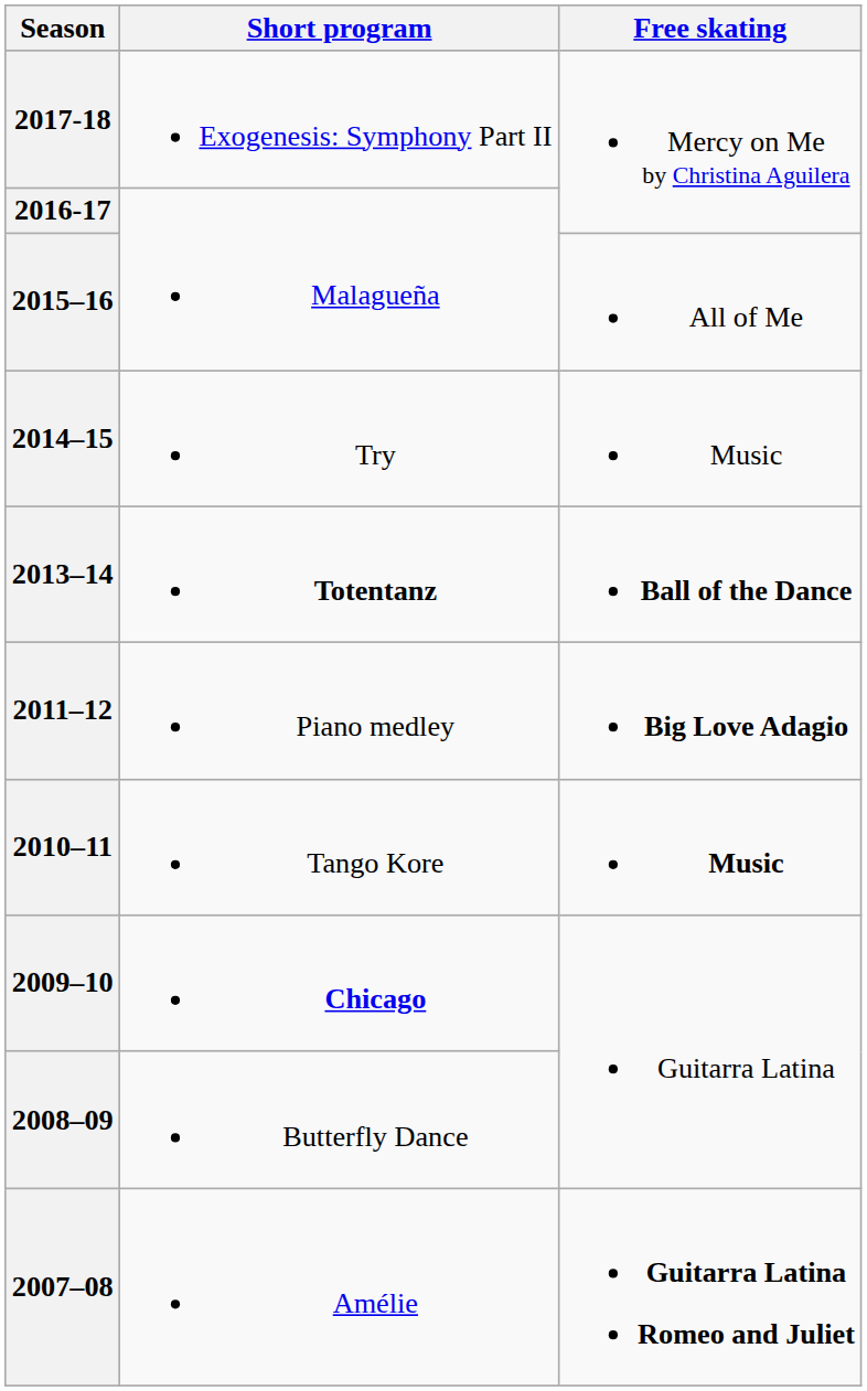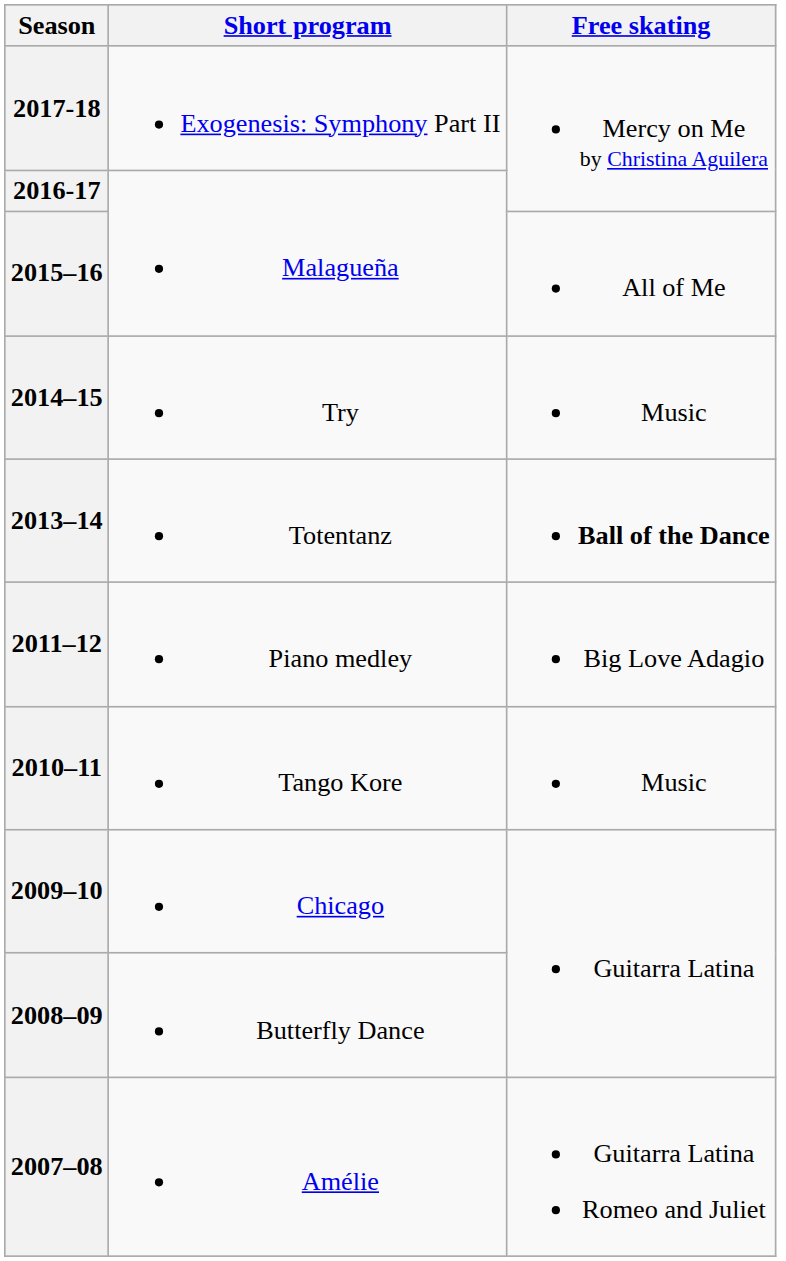 <table class=wikitable style=text-align:center>
 <tr>
 <th>Season</th>
 <th><a href='#'>Short program</a></th>
 <th><a href='#'>Free skating</a></th>
 </tr>
 <tr>
 <th>2017-18<br></th>
 <td><br><ul><li><a href='#'>Exogenesis: Symphony</a> Part II <br></li></ul></td>
 <td rowspan=2><br><ul><li>Mercy on Me<br><small>by <a href='#'>Christina Aguilera</a></small></li></ul></td>
 </tr>
 <tr>
 <th>2016-17<br></th>
 <td rowspan=2><br><ul><li><a href='#'>Malagueña</a> <br></li></ul></td>
 </tr>
 <tr>
 <th>2015–16 <br> </th>
 <td><br><ul><li>All of Me</li></ul></td>
 </tr>
 <tr>
 <th>2014–15 <br> </th>
 <td><br><ul><li>Try <br></li></ul></td>
 <td><br><ul><li>Music <br></li></ul></td>
 </tr>
 <tr>
 <th>2013–14 <br> </th>
-<td><strong><br><ul><li>Totentanz <br></li></ul></strong></td>
+<td><br><ul><li>Totentanz <br></li></ul></td>
 <td><strong><br><ul><li>Ball of the Dance</li></ul></strong></td>
 </tr>
 <tr>
 <th>2011–12 <br> </th>
 <td><br><ul><li>Piano medley</li></ul></td>
-<td><strong><br><ul><li>Big Love Adagio <br></li></ul></strong></td>
+<td><br><ul><li>Big Love Adagio <br></li></ul></td>
 </tr>
 <tr>
 <th>2010–11 <br> </th>
 <td><br><ul><li>Tango Kore</li></ul></td>
-<td><strong><br><ul><li>Music <br></li></ul></strong></td>
+<td><br><ul><li>Music <br></li></ul></td>
 </tr>
 <tr>
 <th>2009–10 <br> </th>
-<td><strong><br><ul><li><a href='#'>Chicago</a> <br></li></ul></strong></td>
+<td><br><ul><li><a href='#'>Chicago</a> <br></li></ul></td>
 <td rowspan=2><br><ul><li>Guitarra Latina <br></li></ul></td>
 </tr>
 <tr>
 <th>2008–09 <br> </th>
 <td><br><ul><li>Butterfly Dance</li></ul></td>
 </tr>
 <tr>
 <th>2007–08 <br> </th>
 <td><br><ul><li><a href='#'>Amélie</a> <br></li></ul></td>
-<td><strong><br><ul><li>Guitarra Latina <br></li></ul><ul><li>Romeo and Juliet <br></li></ul></strong></td>
+<td><br><ul><li>Guitarra Latina <br></li></ul><ul><li>Romeo and Juliet <br></li></ul></td>
 </tr>
 </table>
